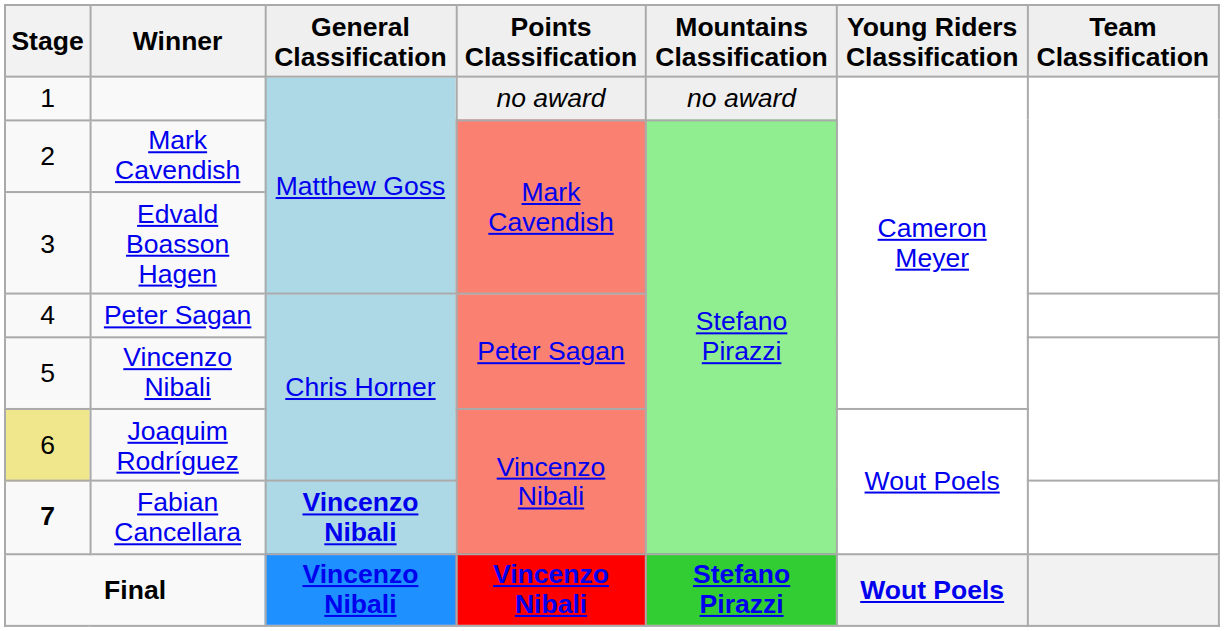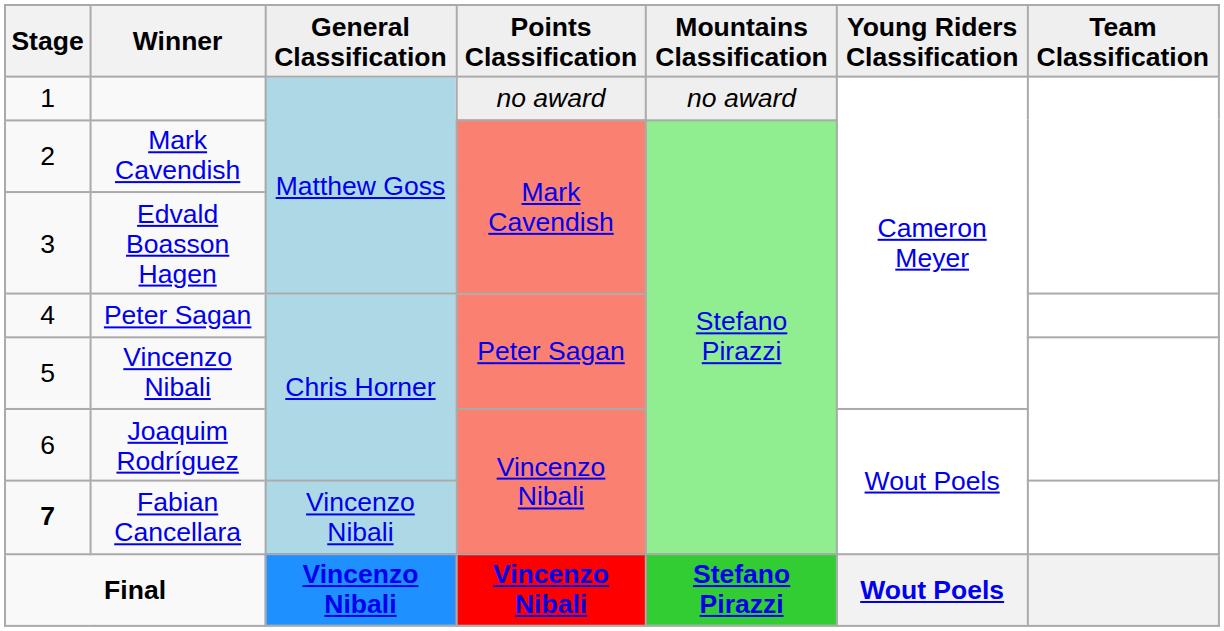 <table class="wikitable" style="text-align: center; font-size:smaller;">
 <tr>
 <th width="1%">Stage</th>
 <th width="14%">Winner</th>
 <th style="background:#EFEFEF;" width="15%">General Classification<br></th>
 <th style="background:#EFEFEF;" width="15%">Points Classification<br></th>
 <th style="background:#EFEFEF;" width="15%">Mountains Classification<br></th>
 <th style="background:#EFEFEF;" width="15%">Young Riders Classification<br></th>
 <th style="background:#EFEFEF;" width="15%">Team Classification</th>
 </tr>
 <tr>
 <td>1</td>
 <td></td>
 <td style="background-color:lightblue;" rowspan=3><a href='#'>Matthew Goss</a></td>
 <td style="background-color:#EFEFEF;"><em>no award</em></td>
 <td style="background-color:#EFEFEF;"><em>no award</em></td>
 <td style="background-color:white;" rowspan=5><a href='#'>Cameron Meyer</a></td>
 <td style="background-color:white;" rowspan=3></td>
 </tr>
 <tr>
 <td>2</td>
 <td><a href='#'>Mark Cavendish</a></td>
 <td style="background-color:salmon" rowspan=2><a href='#'>Mark Cavendish</a></td>
 <td style="background-color:lightgreen" rowspan=6><a href='#'>Stefano Pirazzi</a></td>
 </tr>
 <tr>
 <td>3</td>
 <td><a href='#'>Edvald Boasson Hagen</a></td>
 </tr>
 <tr>
 <td>4</td>
 <td><a href='#'>Peter Sagan</a></td>
 <td style="background-color:lightblue;" rowspan=3><a href='#'>Chris Horner</a></td>
 <td style="background-color:salmon" rowspan=2><a href='#'>Peter Sagan</a></td>
 <td style="background-color:white;"></td>
 </tr>
 <tr>
 <td>5</td>
 <td><a href='#'>Vincenzo Nibali</a></td>
 <td style="background-color:white;" rowspan=2></td>
 </tr>
 <tr>
-<td style="background: khaki;">6</td>
+<td>6</td>
 <td><a href='#'>Joaquim Rodríguez</a></td>
 <td style="background-color:salmon" rowspan=2><a href='#'>Vincenzo Nibali</a></td>
 <td style="background-color:white;" rowspan=2><a href='#'>Wout Poels</a></td>
 </tr>
 <tr>
 <td><strong>7</strong></td>
 <td><a href='#'>Fabian Cancellara</a></td>
-<td style="background-color:lightblue;"><strong><a href='#'>Vincenzo Nibali</a></strong></td>
+<td style="background-color:lightblue;"><a href='#'>Vincenzo Nibali</a></td>
 <td style="background-color:white;"></td>
 </tr>
 <tr>
 <td colspan="2"><strong>Final</strong><br></td>
 <th style="background-color:dodgerblue;"><a href='#'>Vincenzo Nibali</a></th>
 <th style="background-color:red;"><a href='#'>Vincenzo Nibali</a></th>
 <th style="background-color:limegreen;"><a href='#'>Stefano Pirazzi</a></th>
 <th style="background-color:offwhite;"><a href='#'>Wout Poels</a></th>
 <th style="background-color:offwhite;"></th>
 </tr>
 </table>
